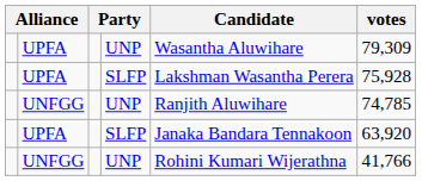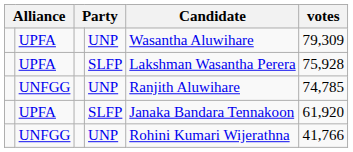 <table class="wikitable sortable mw-collapsible">
 <tr>
 <th colspan="2">Alliance</th>
 <th colspan="2">Party</th>
 <th>Candidate</th>
 <th>votes</th>
 </tr>
 <tr>
 <td bgcolor=> </td>
 <td align=left><a href='#'>UPFA</a></td>
 <td bgcolor=> </td>
 <td align=left><a href='#'>UNP</a></td>
 <td><a href='#'>Wasantha Aluwihare</a></td>
 <td>79,309</td>
 </tr>
 <tr>
 <td bgcolor=> </td>
 <td align=left><a href='#'>UPFA</a></td>
 <td bgcolor=> </td>
 <td align=left><a href='#'>SLFP</a></td>
 <td><a href='#'>Lakshman Wasantha Perera</a></td>
 <td>75,928</td>
 </tr>
 <tr>
 <td bgcolor=> </td>
 <td align=left><a href='#'>UNFGG</a></td>
 <td bgcolor=> </td>
 <td align=left><a href='#'>UNP</a></td>
 <td><a href='#'>Ranjith Aluwihare</a></td>
 <td>74,785</td>
 </tr>
 <tr>
 <td bgcolor=> </td>
 <td align=left><a href='#'>UPFA</a></td>
 <td bgcolor=> </td>
 <td align=left><a href='#'>SLFP</a></td>
 <td><a href='#'>Janaka Bandara Tennakoon</a></td>
-<td>63,920</td>
+<td>61,920</td>
 </tr>
 <tr>
 <td bgcolor=> </td>
 <td align=left><a href='#'>UNFGG</a></td>
 <td bgcolor=> </td>
 <td align=left><a href='#'>UNP</a></td>
 <td><a href='#'>Rohini Kumari Wijerathna</a></td>
 <td>41,766</td>
 </tr>
 </table>
